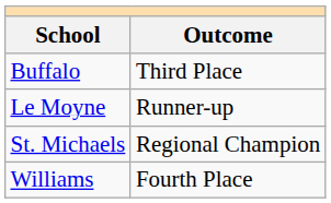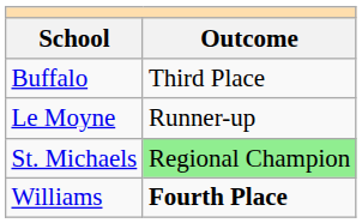 <table class="wikitable" style="float:left; margin-right:1em;">
 <tr>
 <th colspan="3" style="background:#ffdead;"></th>
 </tr>
 <tr>
 <th>School</th>
 <th>Outcome</th>
 </tr>
 <tr>
 <td><a href='#'>Buffalo</a></td>
 <td>Third Place</td>
 </tr>
 <tr>
 <td><a href='#'>Le Moyne</a></td>
 <td>Runner-up</td>
 </tr>
 <tr>
 <td><a href='#'>St. Michaels</a></td>
-<td>Regional Champion</td>
+<td style="background: lightgreen;">Regional Champion</td>
 </tr>
 <tr>
 <td><a href='#'>Williams</a></td>
-<td>Fourth Place</td>
+<td><strong>Fourth Place</strong></td>
 </tr>
 </table>
